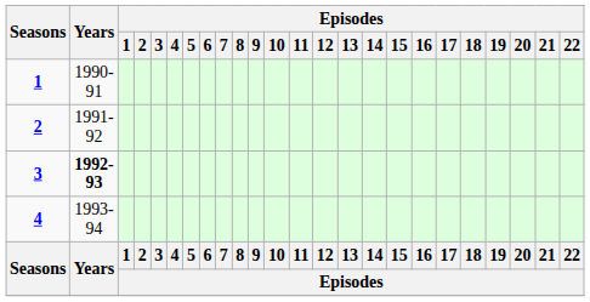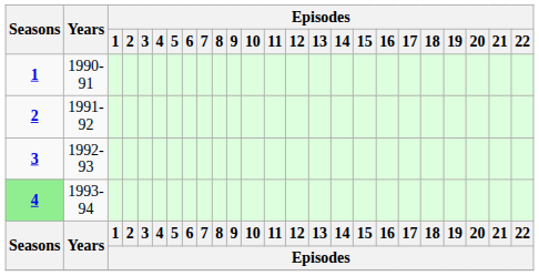 <table class="wikitable" style="text-align:center; margin:auto; width:5%;">
 <tr>
 <th colspan="1" rowspan="2" style="text-align:center;">Seasons</th>
 <th colspan="1" rowspan="2" style="text-align:center;">Years</th>
 <th colspan="22"  style="text-align:center;">Episodes</th>
 </tr>
 <tr>
 <th colspan="1" style="text-align:center;">1</th>
 <th colspan="1" style="text-align:center;">2</th>
 <th colspan="1" style="text-align:center;">3</th>
 <th colspan="1" style="text-align:center;">4</th>
 <th colspan="1" style="text-align:center;">5</th>
 <th colspan="1" style="text-align:center;">6</th>
 <th colspan="1" style="text-align:center;">7</th>
 <th colspan="1" style="text-align:center;">8</th>
 <th colspan="1" style="text-align:center;">9</th>
 <th colspan="1" style="text-align:center;">10</th>
 <th colspan="1" style="text-align:center;">11</th>
 <th colspan="1" style="text-align:center;">12</th>
 <th colspan="1" style="text-align:center;">13</th>
 <th colspan="1" style="text-align:center;">14</th>
 <th colspan="1" style="text-align:center;">15</th>
 <th colspan="1" style="text-align:center;">16</th>
 <th colspan="1" style="text-align:center;">17</th>
 <th colspan="1" style="text-align:center;">18</th>
 <th colspan="1" style="text-align:center;">19</th>
 <th colspan="1" style="text-align:center;">20</th>
 <th colspan="1" style="text-align:center;">21</th>
 <th colspan="1" style="text-align:center;">22</th>
 </tr>
 <tr>
 <td><strong><a href='#'>1</a></strong></td>
 <td>1990-91</td>
 <td colspan="1" style="background:#dfd; text-align:center;"></td>
 <td colspan="1" style="background:#dfd; text-align:center;"></td>
 <td colspan="1" style="background:#dfd; text-align:center;"></td>
 <td colspan="1" style="background:#dfd; text-align:center;"></td>
 <td colspan="1" style="background:#dfd; text-align:center;"></td>
 <td colspan="1" style="background:#dfd; text-align:center;"></td>
 <td colspan="1" style="background:#dfd; text-align:center;"></td>
 <td colspan="1" style="background:#dfd; text-align:center;"></td>
 <td colspan="1" style="background:#dfd; text-align:center;"></td>
 <td colspan="1" style="background:#dfd; text-align:center;"></td>
 <td colspan="1" style="background:#dfd; text-align:center;"></td>
 <td colspan="1" style="background:#dfd; text-align:center;"></td>
 <td colspan="1" style="background:#dfd; text-align:center;"></td>
 <td colspan="1" style="background:#dfd; text-align:center;"></td>
 <td colspan="1" style="background:#dfd; text-align:center;"></td>
 <td colspan="1" style="background:#dfd; text-align:center;"></td>
 <td colspan="1" style="background:#dfd; text-align:center;"></td>
 <td colspan="1" style="background:#dfd; text-align:center;"></td>
 <td colspan="1" style="background:#dfd; text-align:center;"></td>
 <td colspan="1" style="background:#dfd; text-align:center;"></td>
 <td colspan="1" style="background:#dfd; text-align:center;"></td>
 <td colspan="1" style="background:#dfd; text-align:center;"></td>
 </tr>
 <tr>
 <td><strong><a href='#'>2</a></strong></td>
 <td>1991-92</td>
 <td colspan="1" style="background:#dfd; text-align:center;"></td>
 <td colspan="1" style="background:#dfd; text-align:center;"></td>
 <td colspan="1" style="background:#dfd; text-align:center;"></td>
 <td colspan="1" style="background:#dfd; text-align:center;"></td>
 <td colspan="1" style="background:#dfd; text-align:center;"></td>
 <td colspan="1" style="background:#dfd; text-align:center;"></td>
 <td colspan="1" style="background:#dfd; text-align:center;"></td>
 <td colspan="1" style="background:#dfd; text-align:center;"></td>
 <td colspan="1" style="background:#dfd; text-align:center;"></td>
 <td colspan="1" style="background:#dfd; text-align:center;"></td>
 <td colspan="1" style="background:#dfd; text-align:center;"></td>
 <td colspan="1" style="background:#dfd; text-align:center;"></td>
 <td colspan="1" style="background:#dfd; text-align:center;"></td>
 <td colspan="1" style="background:#dfd; text-align:center;"></td>
 <td colspan="1" style="background:#dfd; text-align:center;"></td>
 <td colspan="1" style="background:#dfd; text-align:center;"></td>
 <td colspan="1" style="background:#dfd; text-align:center;"></td>
 <td colspan="1" style="background:#dfd; text-align:center;"></td>
 <td colspan="1" style="background:#dfd; text-align:center;"></td>
 <td colspan="1" style="background:#dfd; text-align:center;"></td>
 <td colspan="1" style="background:#dfd; text-align:center;"></td>
 <td colspan="1" style="background:#dfd; text-align:center;"></td>
 </tr>
 <tr>
 <td><strong><a href='#'>3</a></strong></td>
-<td><strong>1992-93</strong></td>
+<td>1992-93</td>
 <td colspan="1" style="background:#dfd; text-align:center;"></td>
 <td colspan="1" style="background:#dfd; text-align:center;"></td>
 <td colspan="1" style="background:#dfd; text-align:center;"></td>
 <td colspan="1" style="background:#dfd; text-align:center;"></td>
 <td colspan="1" style="background:#dfd; text-align:center;"></td>
 <td colspan="1" style="background:#dfd; text-align:center;"></td>
 <td colspan="1" style="background:#dfd; text-align:center;"></td>
 <td colspan="1" style="background:#dfd; text-align:center;"></td>
 <td colspan="1" style="background:#dfd; text-align:center;"></td>
 <td colspan="1" style="background:#dfd; text-align:center;"></td>
 <td colspan="1" style="background:#dfd; text-align:center;"></td>
 <td colspan="1" style="background:#dfd; text-align:center;"></td>
 <td colspan="1" style="background:#dfd; text-align:center;"></td>
 <td colspan="1" style="background:#dfd; text-align:center;"></td>
 <td colspan="1" style="background:#dfd; text-align:center;"></td>
 <td colspan="1" style="background:#dfd; text-align:center;"></td>
 <td colspan="1" style="background:#dfd; text-align:center;"></td>
 <td colspan="1" style="background:#dfd; text-align:center;"></td>
 <td colspan="1" style="background:#dfd; text-align:center;"></td>
 <td colspan="1" style="background:#dfd; text-align:center;"></td>
 <td colspan="1" style="background:#dfd; text-align:center;"></td>
 <td colspan="1" style="background:#dfd; text-align:center;"></td>
 </tr>
 <tr>
-<td><strong><a href='#'>4</a></strong></td>
+<td style="background: lightgreen;"><strong><a href='#'>4</a></strong></td>
 <td>1993-94</td>
 <td colspan="1" style="background:#dfd; text-align:center;"></td>
 <td colspan="1" style="background:#dfd; text-align:center;"></td>
 <td colspan="1" style="background:#dfd; text-align:center;"></td>
 <td colspan="1" style="background:#dfd; text-align:center;"></td>
 <td colspan="1" style="background:#dfd; text-align:center;"></td>
 <td colspan="1" style="background:#dfd; text-align:center;"></td>
 <td colspan="1" style="background:#dfd; text-align:center;"></td>
 <td colspan="1" style="background:#dfd; text-align:center;"></td>
 <td colspan="1" style="background:#dfd; text-align:center;"></td>
 <td colspan="1" style="background:#dfd; text-align:center;"></td>
 <td colspan="1" style="background:#dfd; text-align:center;"></td>
 <td colspan="1" style="background:#dfd; text-align:center;"></td>
 <td colspan="1" style="background:#dfd; text-align:center;"></td>
 <td colspan="1" style="background:#dfd; text-align:center;"></td>
 <td colspan="1" style="background:#dfd; text-align:center;"></td>
 <td colspan="1" style="background:#dfd; text-align:center;"></td>
 <td colspan="1" style="background:#dfd; text-align:center;"></td>
 <td colspan="1" style="background:#dfd; text-align:center;"></td>
 <td colspan="1" style="background:#dfd; text-align:center;"></td>
 <td colspan="1" style="background:#dfd; text-align:center;"></td>
 <td colspan="1" style="background:#dfd; text-align:center;"></td>
 <td colspan="1" style="background:#dfd; text-align:center;"></td>
 </tr>
 <tr>
 <th rowspan="2" colspan="1" style="text-align:center;">Seasons</th>
 <th colspan="1" rowspan="2" style="text-align:center;">Years</th>
 <th colspan="1" style="text-align:center;">1</th>
 <th colspan="1" style="text-align:center;">2</th>
 <th colspan="1" style="text-align:center;">3</th>
 <th colspan="1" style="text-align:center;">4</th>
 <th colspan="1" style="text-align:center;">5</th>
 <th colspan="1" style="text-align:center;">6</th>
 <th colspan="1" style="text-align:center;">7</th>
 <th colspan="1" style="text-align:center;">8</th>
 <th colspan="1" style="text-align:center;">9</th>
 <th colspan="1" style="text-align:center;">10</th>
 <th colspan="1" style="text-align:center;">11</th>
 <th colspan="1" style="text-align:center;">12</th>
 <th colspan="1" style="text-align:center;">13</th>
 <th colspan="1" style="text-align:center;">14</th>
 <th colspan="1" style="text-align:center;">15</th>
 <th colspan="1" style="text-align:center;">16</th>
 <th colspan="1" style="text-align:center;">17</th>
 <th colspan="1" style="text-align:center;">18</th>
 <th colspan="1" style="text-align:center;">19</th>
 <th colspan="1" style="text-align:center;">20</th>
 <th colspan="1" style="text-align:center;">21</th>
 <th colspan="1" style="text-align:center;">22</th>
 </tr>
 <tr>
 <th colspan="22"  style="text-align:center;">Episodes</th>
 </tr>
 <tr>
 </tr>
 </table>
